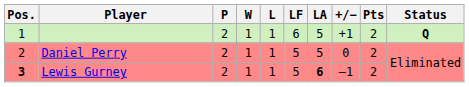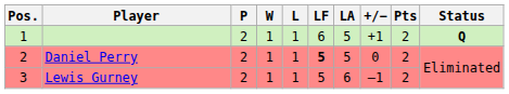 <table class="wikitable" style="text-align:center; margin: 1em auto 1em auto, align:left">
 <tr>
 <th width=20>Pos.</th>
 <th width=185>Player</th>
 <th width=20>P</th>
 <th width=20>W</th>
 <th width=20>L</th>
 <th width=20>LF</th>
 <th width=20>LA</th>
 <th width=25>+/−</th>
 <th width=20>Pts</th>
 <th width=70>Status</th>
 </tr>
 <tr style="background:#D0F0C0;">
 <td>1</td>
 <td align=left></td>
 <td>2</td>
 <td>1</td>
 <td>1</td>
 <td>6</td>
 <td>5</td>
 <td>+1</td>
 <td>2</td>
 <td><strong>Q</strong></td>
 </tr>
 <tr style="background:#FF8888;">
 <td>2</td>
 <td align=left> <a href='#'>Daniel Perry</a></td>
 <td>2</td>
 <td>1</td>
 <td>1</td>
-<td>5</td>
+<td><strong>5</strong></td>
 <td>5</td>
 <td>0</td>
 <td>2</td>
 <td rowspan=2>Eliminated</td>
 </tr>
 <tr style="background:#FF8888;">
-<td><strong>3</strong></td>
+<td>3</td>
 <td align=left> <a href='#'>Lewis Gurney</a></td>
 <td>2</td>
 <td>1</td>
 <td>1</td>
 <td>5</td>
-<td><strong>6</strong></td>
+<td>6</td>
 <td>–1</td>
 <td>2</td>
 </tr>
 </table>
